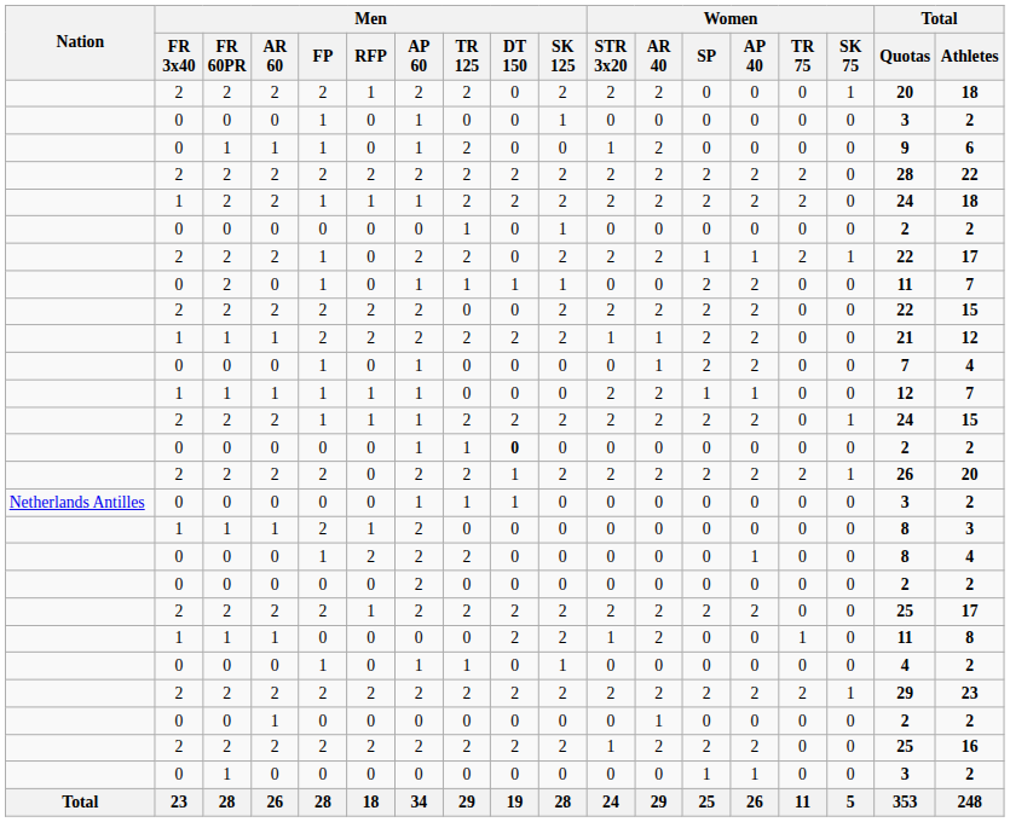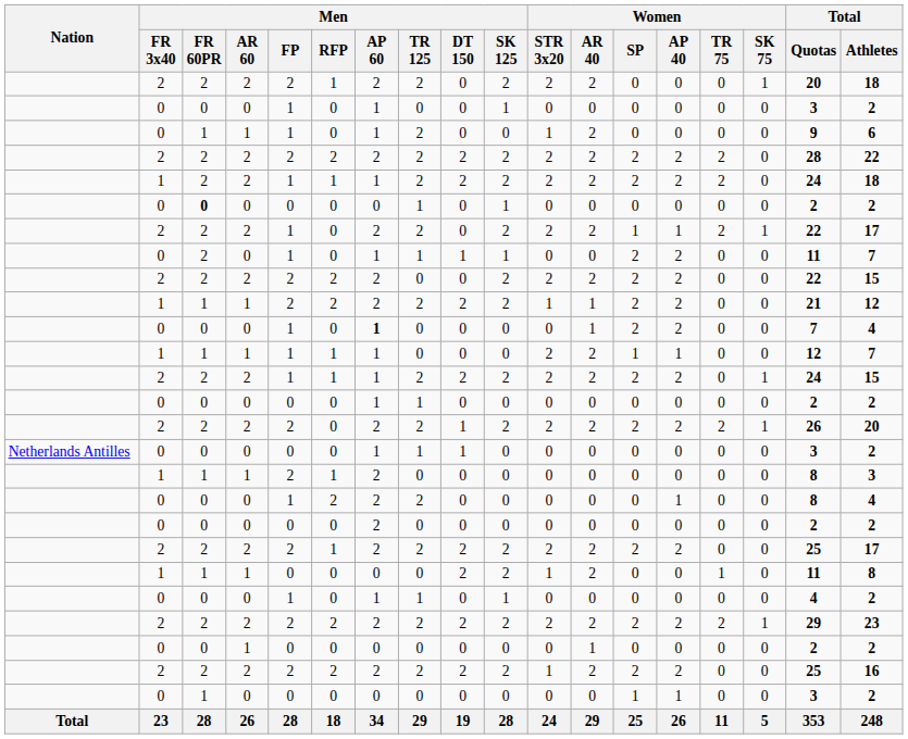 <table class="wikitable" width=870 style="text-align:center; font-size:90%">
 <tr>
 <th rowspan="2" align="left">Nation</th>
 <th colspan="9">Men</th>
 <th colspan="6">Women</th>
 <th colspan="2">Total</th>
 </tr>
 <tr>
 <th width=35>FR 3x40</th>
 <th width=35>FR 60PR</th>
 <th width=35>AR 60</th>
 <th width=35>FP</th>
 <th width=35>RFP</th>
 <th width=35>AP 60</th>
 <th width=35>TR 125</th>
 <th width=35>DT 150</th>
 <th width=35>SK 125</th>
 <th width=35>STR 3x20</th>
 <th width=35>AR 40</th>
 <th width=35>SP</th>
 <th width=35>AP 40</th>
 <th width=35>TR 75</th>
 <th width=35>SK 75</th>
 <th>Quotas</th>
 <th>Athletes</th>
 </tr>
 <tr>
 <td align="left"></td>
 <td>2</td>
 <td>2</td>
 <td>2</td>
 <td>2</td>
 <td>1</td>
 <td>2</td>
 <td>2</td>
 <td>0</td>
 <td>2</td>
 <td>2</td>
 <td>2</td>
 <td>0</td>
 <td>0</td>
 <td>0</td>
 <td>1</td>
 <td><strong>20</strong></td>
 <td><strong>18</strong></td>
 </tr>
 <tr>
 <td align="left"></td>
 <td>0</td>
 <td>0</td>
 <td>0</td>
 <td>1</td>
 <td>0</td>
 <td>1</td>
 <td>0</td>
 <td>0</td>
 <td>1</td>
 <td>0</td>
 <td>0</td>
 <td>0</td>
 <td>0</td>
 <td>0</td>
 <td>0</td>
 <td><strong>3</strong></td>
 <td><strong>2</strong></td>
 </tr>
 <tr>
 <td align="left"></td>
 <td>0</td>
 <td>1</td>
 <td>1</td>
 <td>1</td>
 <td>0</td>
 <td>1</td>
 <td>2</td>
 <td>0</td>
 <td>0</td>
 <td>1</td>
 <td>2</td>
 <td>0</td>
 <td>0</td>
 <td>0</td>
 <td>0</td>
 <td><strong>9</strong></td>
 <td><strong>6</strong></td>
 </tr>
 <tr>
 <td align="left"></td>
 <td>2</td>
 <td>2</td>
 <td>2</td>
 <td>2</td>
 <td>2</td>
 <td>2</td>
 <td>2</td>
 <td>2</td>
 <td>2</td>
 <td>2</td>
 <td>2</td>
 <td>2</td>
 <td>2</td>
 <td>2</td>
 <td>0</td>
 <td><strong>28</strong></td>
 <td><strong>22</strong></td>
 </tr>
 <tr>
 <td align="left"></td>
 <td>1</td>
 <td>2</td>
 <td>2</td>
 <td>1</td>
 <td>1</td>
 <td>1</td>
 <td>2</td>
 <td>2</td>
 <td>2</td>
 <td>2</td>
 <td>2</td>
 <td>2</td>
 <td>2</td>
 <td>2</td>
 <td>0</td>
 <td><strong>24</strong></td>
 <td><strong>18</strong></td>
 </tr>
 <tr>
 <td align="left"></td>
 <td>0</td>
-<td>0</td>
+<td><strong>0</strong></td>
 <td>0</td>
 <td>0</td>
 <td>0</td>
 <td>0</td>
 <td>1</td>
 <td>0</td>
 <td>1</td>
 <td>0</td>
 <td>0</td>
 <td>0</td>
 <td>0</td>
 <td>0</td>
 <td>0</td>
 <td><strong>2</strong></td>
 <td><strong>2</strong></td>
 </tr>
 <tr>
 <td align="left"></td>
 <td>2</td>
 <td>2</td>
 <td>2</td>
 <td>1</td>
 <td>0</td>
 <td>2</td>
 <td>2</td>
 <td>0</td>
 <td>2</td>
 <td>2</td>
 <td>2</td>
 <td>1</td>
 <td>1</td>
 <td>2</td>
 <td>1</td>
 <td><strong>22</strong></td>
 <td><strong>17</strong></td>
 </tr>
 <tr>
 <td align="left"></td>
 <td>0</td>
 <td>2</td>
 <td>0</td>
 <td>1</td>
 <td>0</td>
 <td>1</td>
 <td>1</td>
 <td>1</td>
 <td>1</td>
 <td>0</td>
 <td>0</td>
 <td>2</td>
 <td>2</td>
 <td>0</td>
 <td>0</td>
 <td><strong>11</strong></td>
 <td><strong>7</strong></td>
 </tr>
 <tr>
 <td align="left"></td>
 <td>2</td>
 <td>2</td>
 <td>2</td>
 <td>2</td>
 <td>2</td>
 <td>2</td>
 <td>0</td>
 <td>0</td>
 <td>2</td>
 <td>2</td>
 <td>2</td>
 <td>2</td>
 <td>2</td>
 <td>0</td>
 <td>0</td>
 <td><strong>22</strong></td>
 <td><strong>15</strong></td>
 </tr>
 <tr>
 <td align="left"></td>
 <td>1</td>
 <td>1</td>
 <td>1</td>
 <td>2</td>
 <td>2</td>
 <td>2</td>
 <td>2</td>
 <td>2</td>
 <td>2</td>
 <td>1</td>
 <td>1</td>
 <td>2</td>
 <td>2</td>
 <td>0</td>
 <td>0</td>
 <td><strong>21</strong></td>
 <td><strong>12</strong></td>
 </tr>
 <tr>
 <td align="left"></td>
 <td>0</td>
 <td>0</td>
 <td>0</td>
 <td>1</td>
 <td>0</td>
-<td>1</td>
+<td><strong>1</strong></td>
 <td>0</td>
 <td>0</td>
 <td>0</td>
 <td>0</td>
 <td>1</td>
 <td>2</td>
 <td>2</td>
 <td>0</td>
 <td>0</td>
 <td><strong>7</strong></td>
 <td><strong>4</strong></td>
 </tr>
 <tr>
 <td align="left"></td>
 <td>1</td>
 <td>1</td>
 <td>1</td>
 <td>1</td>
 <td>1</td>
 <td>1</td>
 <td>0</td>
 <td>0</td>
 <td>0</td>
 <td>2</td>
 <td>2</td>
 <td>1</td>
 <td>1</td>
 <td>0</td>
 <td>0</td>
 <td><strong>12</strong></td>
 <td><strong>7</strong></td>
 </tr>
 <tr>
 <td align="left"></td>
 <td>2</td>
 <td>2</td>
 <td>2</td>
 <td>1</td>
 <td>1</td>
 <td>1</td>
 <td>2</td>
 <td>2</td>
 <td>2</td>
 <td>2</td>
 <td>2</td>
 <td>2</td>
 <td>2</td>
 <td>0</td>
 <td>1</td>
 <td><strong>24</strong></td>
 <td><strong>15</strong></td>
 </tr>
 <tr>
 <td align="left"></td>
 <td>0</td>
 <td>0</td>
 <td>0</td>
 <td>0</td>
 <td>0</td>
 <td>1</td>
 <td>1</td>
-<td><strong>0</strong></td>
+<td>0</td>
 <td>0</td>
 <td>0</td>
 <td>0</td>
 <td>0</td>
 <td>0</td>
 <td>0</td>
 <td>0</td>
 <td><strong>2</strong></td>
 <td><strong>2</strong></td>
 </tr>
 <tr>
 <td align="left"></td>
 <td>2</td>
 <td>2</td>
 <td>2</td>
 <td>2</td>
 <td>0</td>
 <td>2</td>
 <td>2</td>
 <td>1</td>
 <td>2</td>
 <td>2</td>
 <td>2</td>
 <td>2</td>
 <td>2</td>
 <td>2</td>
 <td>1</td>
 <td><strong>26</strong></td>
 <td><strong>20</strong></td>
 </tr>
 <tr>
 <td align="left"> <a href='#'>Netherlands Antilles</a></td>
 <td>0</td>
 <td>0</td>
 <td>0</td>
 <td>0</td>
 <td>0</td>
 <td>1</td>
 <td>1</td>
 <td>1</td>
 <td>0</td>
 <td>0</td>
 <td>0</td>
 <td>0</td>
 <td>0</td>
 <td>0</td>
 <td>0</td>
 <td><strong>3</strong></td>
 <td><strong>2</strong></td>
 </tr>
 <tr>
 <td align="left"></td>
 <td>1</td>
 <td>1</td>
 <td>1</td>
 <td>2</td>
 <td>1</td>
 <td>2</td>
 <td>0</td>
 <td>0</td>
 <td>0</td>
 <td>0</td>
 <td>0</td>
 <td>0</td>
 <td>0</td>
 <td>0</td>
 <td>0</td>
 <td><strong>8</strong></td>
 <td><strong>3</strong></td>
 </tr>
 <tr>
 <td align="left"></td>
 <td>0</td>
 <td>0</td>
 <td>0</td>
 <td>1</td>
 <td>2</td>
 <td>2</td>
 <td>2</td>
 <td>0</td>
 <td>0</td>
 <td>0</td>
 <td>0</td>
 <td>0</td>
 <td>1</td>
 <td>0</td>
 <td>0</td>
 <td><strong>8</strong></td>
 <td><strong>4</strong></td>
 </tr>
 <tr>
 <td align="left"></td>
 <td>0</td>
 <td>0</td>
 <td>0</td>
 <td>0</td>
 <td>0</td>
 <td>2</td>
 <td>0</td>
 <td>0</td>
 <td>0</td>
 <td>0</td>
 <td>0</td>
 <td>0</td>
 <td>0</td>
 <td>0</td>
 <td>0</td>
 <td><strong>2</strong></td>
 <td><strong>2</strong></td>
 </tr>
 <tr>
 <td align="left"></td>
 <td>2</td>
 <td>2</td>
 <td>2</td>
 <td>2</td>
 <td>1</td>
 <td>2</td>
 <td>2</td>
 <td>2</td>
 <td>2</td>
 <td>2</td>
 <td>2</td>
 <td>2</td>
 <td>2</td>
 <td>0</td>
 <td>0</td>
 <td><strong>25</strong></td>
 <td><strong>17</strong></td>
 </tr>
 <tr>
 <td align="left"></td>
 <td>1</td>
 <td>1</td>
 <td>1</td>
 <td>0</td>
 <td>0</td>
 <td>0</td>
 <td>0</td>
 <td>2</td>
 <td>2</td>
 <td>1</td>
 <td>2</td>
 <td>0</td>
 <td>0</td>
 <td>1</td>
 <td>0</td>
 <td><strong>11</strong></td>
 <td><strong>8</strong></td>
 </tr>
 <tr>
 <td align="left"></td>
 <td>0</td>
 <td>0</td>
 <td>0</td>
 <td>1</td>
 <td>0</td>
 <td>1</td>
 <td>1</td>
 <td>0</td>
 <td>1</td>
 <td>0</td>
 <td>0</td>
 <td>0</td>
 <td>0</td>
 <td>0</td>
 <td>0</td>
 <td><strong>4</strong></td>
 <td><strong>2</strong></td>
 </tr>
 <tr>
 <td align="left"></td>
 <td>2</td>
 <td>2</td>
 <td>2</td>
 <td>2</td>
 <td>2</td>
 <td>2</td>
 <td>2</td>
 <td>2</td>
 <td>2</td>
 <td>2</td>
 <td>2</td>
 <td>2</td>
 <td>2</td>
 <td>2</td>
 <td>1</td>
 <td><strong>29</strong></td>
 <td><strong>23</strong></td>
 </tr>
 <tr>
 <td align="left"></td>
 <td>0</td>
 <td>0</td>
 <td>1</td>
 <td>0</td>
 <td>0</td>
 <td>0</td>
 <td>0</td>
 <td>0</td>
 <td>0</td>
 <td>0</td>
 <td>1</td>
 <td>0</td>
 <td>0</td>
 <td>0</td>
 <td>0</td>
 <td><strong>2</strong></td>
 <td><strong>2</strong></td>
 </tr>
 <tr>
 <td align="left"></td>
 <td>2</td>
 <td>2</td>
 <td>2</td>
 <td>2</td>
 <td>2</td>
 <td>2</td>
 <td>2</td>
 <td>2</td>
 <td>2</td>
 <td>1</td>
 <td>2</td>
 <td>2</td>
 <td>2</td>
 <td>0</td>
 <td>0</td>
 <td><strong>25</strong></td>
 <td><strong>16</strong></td>
 </tr>
 <tr>
 <td align="left"></td>
 <td>0</td>
 <td>1</td>
 <td>0</td>
 <td>0</td>
 <td>0</td>
 <td>0</td>
 <td>0</td>
 <td>0</td>
 <td>0</td>
 <td>0</td>
 <td>0</td>
 <td>1</td>
 <td>1</td>
 <td>0</td>
 <td>0</td>
 <td><strong>3</strong></td>
 <td><strong>2</strong></td>
 </tr>
 <tr>
 <th>Total</th>
 <th>23</th>
 <th>28</th>
 <th>26</th>
 <th>28</th>
 <th>18</th>
 <th>34</th>
 <th>29</th>
 <th>19</th>
 <th>28</th>
 <th>24</th>
 <th>29</th>
 <th>25</th>
 <th>26</th>
 <th>11</th>
 <th>5</th>
 <th>353</th>
 <th>248</th>
 </tr>
 </table>
